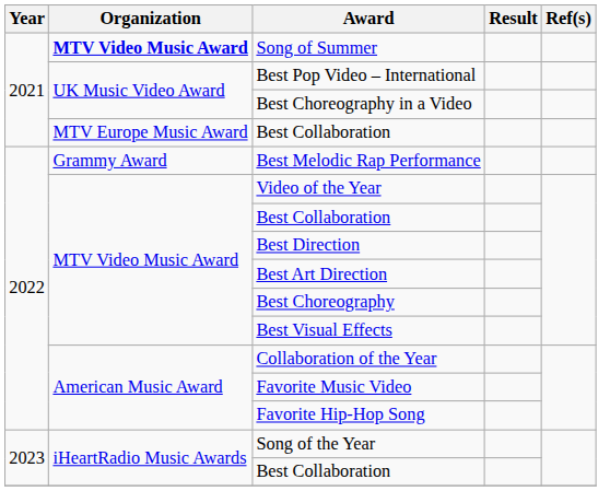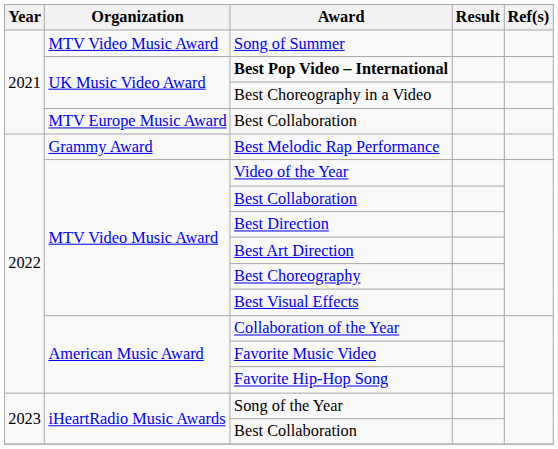 <table class="wikitable plainrowheaders">
 <tr align=center>
 <th scope="col">Year</th>
 <th scope="col">Organization</th>
 <th scope="col">Award</th>
 <th scope="col">Result</th>
 <th scope="col">Ref(s)</th>
 </tr>
 <tr>
 <td rowspan="4">2021</td>
-<td><strong><a href='#'>MTV Video Music Award</a></strong></td>
+<td><a href='#'>MTV Video Music Award</a></td>
 <td><a href='#'>Song of Summer</a></td>
 <td></td>
 <td style="text-align:center;"></td>
 </tr>
 <tr>
 <td rowspan="2"><a href='#'>UK Music Video Award</a></td>
-<td>Best Pop Video – International</td>
+<td><strong>Best Pop Video – International</strong></td>
 <td></td>
 <td style="text-align:center;"></td>
 </tr>
 <tr>
 <td>Best Choreography in a Video</td>
 <td></td>
 <td style="text-align:center;"></td>
 </tr>
 <tr>
 <td><a href='#'>MTV Europe Music Award</a></td>
 <td>Best Collaboration</td>
 <td></td>
 <td style="text-align:center;"></td>
 </tr>
 <tr>
 <td rowspan="10">2022</td>
 <td><a href='#'>Grammy Award</a></td>
 <td><a href='#'>Best Melodic Rap Performance</a></td>
 <td></td>
 <td style="text-align:center;"></td>
 </tr>
 <tr>
 <td rowspan="6"><a href='#'>MTV Video Music Award</a></td>
 <td><a href='#'>Video of the Year</a></td>
 <td></td>
 <td rowspan="6" style="text-align:center;"></td>
 </tr>
 <tr>
 <td><a href='#'>Best Collaboration</a></td>
 <td></td>
 </tr>
 <tr>
 <td><a href='#'>Best Direction</a></td>
 <td></td>
 </tr>
 <tr>
 <td><a href='#'>Best Art Direction</a></td>
 <td></td>
 </tr>
 <tr>
 <td><a href='#'>Best Choreography</a></td>
 <td></td>
 </tr>
 <tr>
 <td><a href='#'>Best Visual Effects</a></td>
 <td></td>
 </tr>
 <tr>
 <td rowspan="3"><a href='#'>American Music Award</a></td>
 <td><a href='#'>Collaboration of the Year</a></td>
 <td></td>
 <td rowspan="3" style="text-align:center;"></td>
 </tr>
 <tr>
 <td><a href='#'>Favorite Music Video</a></td>
 <td></td>
 </tr>
 <tr>
 <td><a href='#'>Favorite Hip-Hop Song</a></td>
 <td></td>
 </tr>
 <tr>
 <td rowspan="2">2023</td>
 <td rowspan="2"><a href='#'>iHeartRadio Music Awards</a></td>
 <td>Song of the Year</td>
 <td></td>
 <td style="text-align:center;" rowspan="2"></td>
 </tr>
 <tr>
 <td>Best Collaboration</td>
 <td></td>
 </tr>
 <tr>
 </tr>
 </table>
